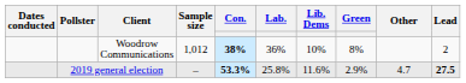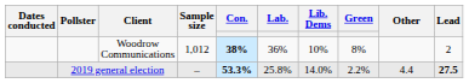 <table class="wikitable sortable mw-datatable" style="text-align:center; font-size:90%; line-height:14px;">
 <tr>
 <th rowspan="2">Dates<br>conducted</th>
 <th rowspan="2">Pollster</th>
 <th rowspan="2">Client</th>
 <th data-sort-type="number" rowspan="2">Sample<br>size</th>
 <th class="unsortable" style="width:50px;"><a href='#'>Con.</a></th>
 <th class="unsortable" style="width:50px;"><a href='#'>Lab.</a></th>
 <th class="unsortable" style="width:50px;"><a href='#'>Lib. Dems</a></th>
 <th class="unsortable" style="width:50px;"><a href='#'>Green</a></th>
 <th class="unsortable" rowspan="2" style="width:75px;">Other</th>
 <th data-sort-type="number" rowspan="2">Lead</th>
 </tr>
 <tr>
 <th data-sort-type="number" style="background:"></th>
 <th data-sort-type="number" style="background:"></th>
 <th data-sort-type="number" style="background:"></th>
 <th data-sort-type="number" style="background:"></th>
 </tr>
 <tr>
 <td></td>
 <td></td>
 <td>Woodrow Communications</td>
 <td>1,012</td>
 <td style="background:#CCEBFF;"><strong>38%</strong></td>
 <td>36%</td>
 <td>10%</td>
 <td>8%</td>
 <td></td>
 <td style="background:">2</td>
 </tr>
 <tr style="background:#e9e9e9;">
 <td></td>
 <td colspan="2"><a href='#'>2019 general election</a></td>
 <td>–</td>
 <td style="background:#CCEBFF;"><strong>53.3%</strong></td>
 <td>25.8%</td>
-<td>11.6%</td>
-<td>2.9%</td>
-<td>4.7</td>
+<td>14.0%</td>
+<td>2.2%</td>
+<td>4.4</td>
 <td style="background:"><strong>27.5</strong></td>
 </tr>
 </table>
